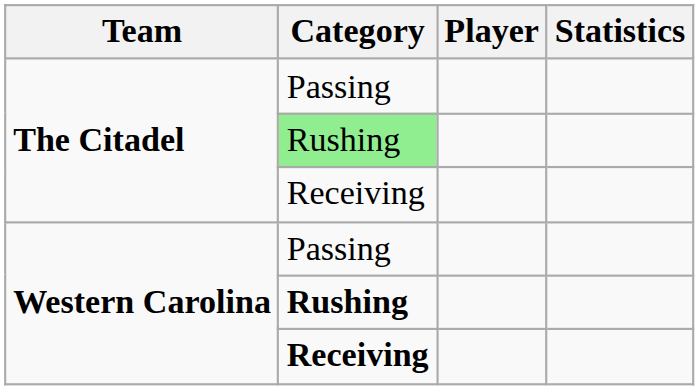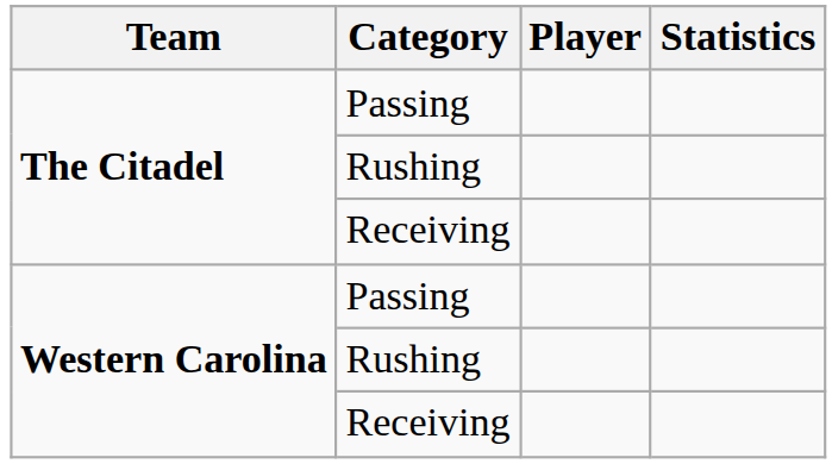 <table class="wikitable" style="float: right;">
 <tr>
 <th>Team</th>
 <th>Category</th>
 <th>Player</th>
 <th>Statistics</th>
 </tr>
 <tr>
 <td rowspan=3><strong>The Citadel</strong></td>
 <td>Passing</td>
 <td></td>
 <td></td>
 </tr>
 <tr>
-<td style="background: lightgreen;">Rushing</td>
+<td>Rushing</td>
 <td></td>
 <td></td>
 </tr>
 <tr>
 <td>Receiving</td>
 <td></td>
 <td></td>
 </tr>
 <tr>
 <td rowspan=3><strong>Western Carolina</strong></td>
 <td>Passing</td>
 <td></td>
 <td></td>
 </tr>
 <tr>
-<td><strong>Rushing</strong></td>
+<td>Rushing</td>
 <td></td>
 <td></td>
 </tr>
 <tr>
-<td><strong>Receiving</strong></td>
+<td>Receiving</td>
 <td></td>
 <td></td>
 </tr>
 </table>
